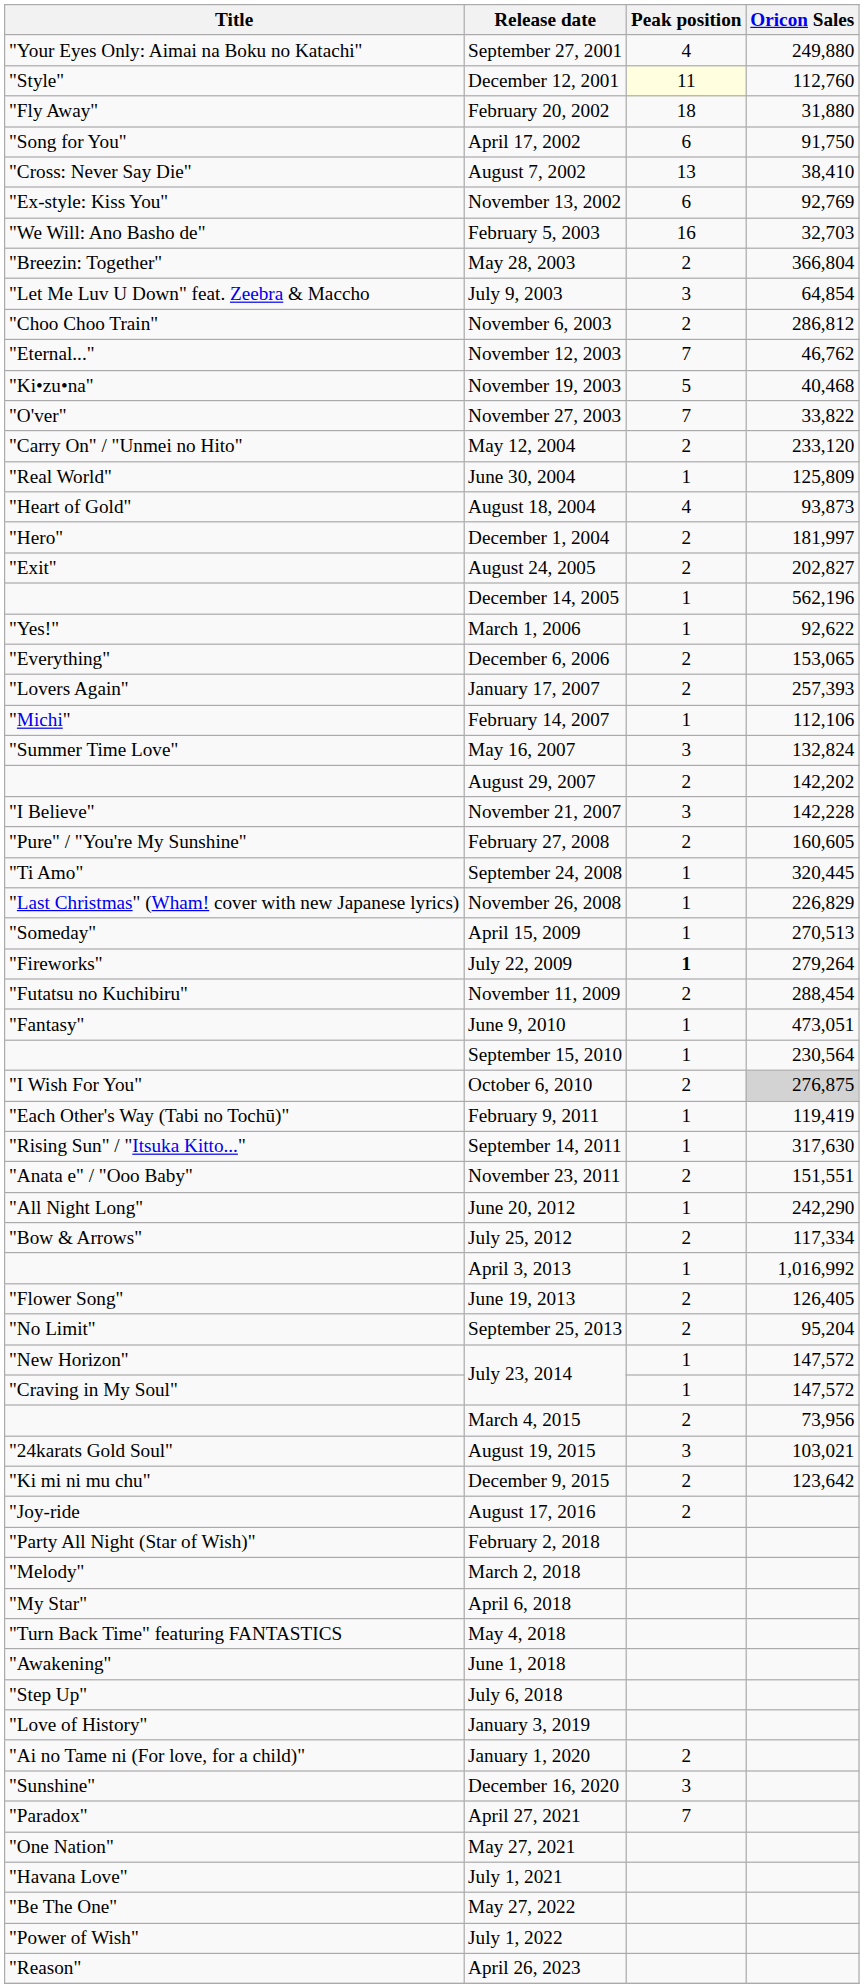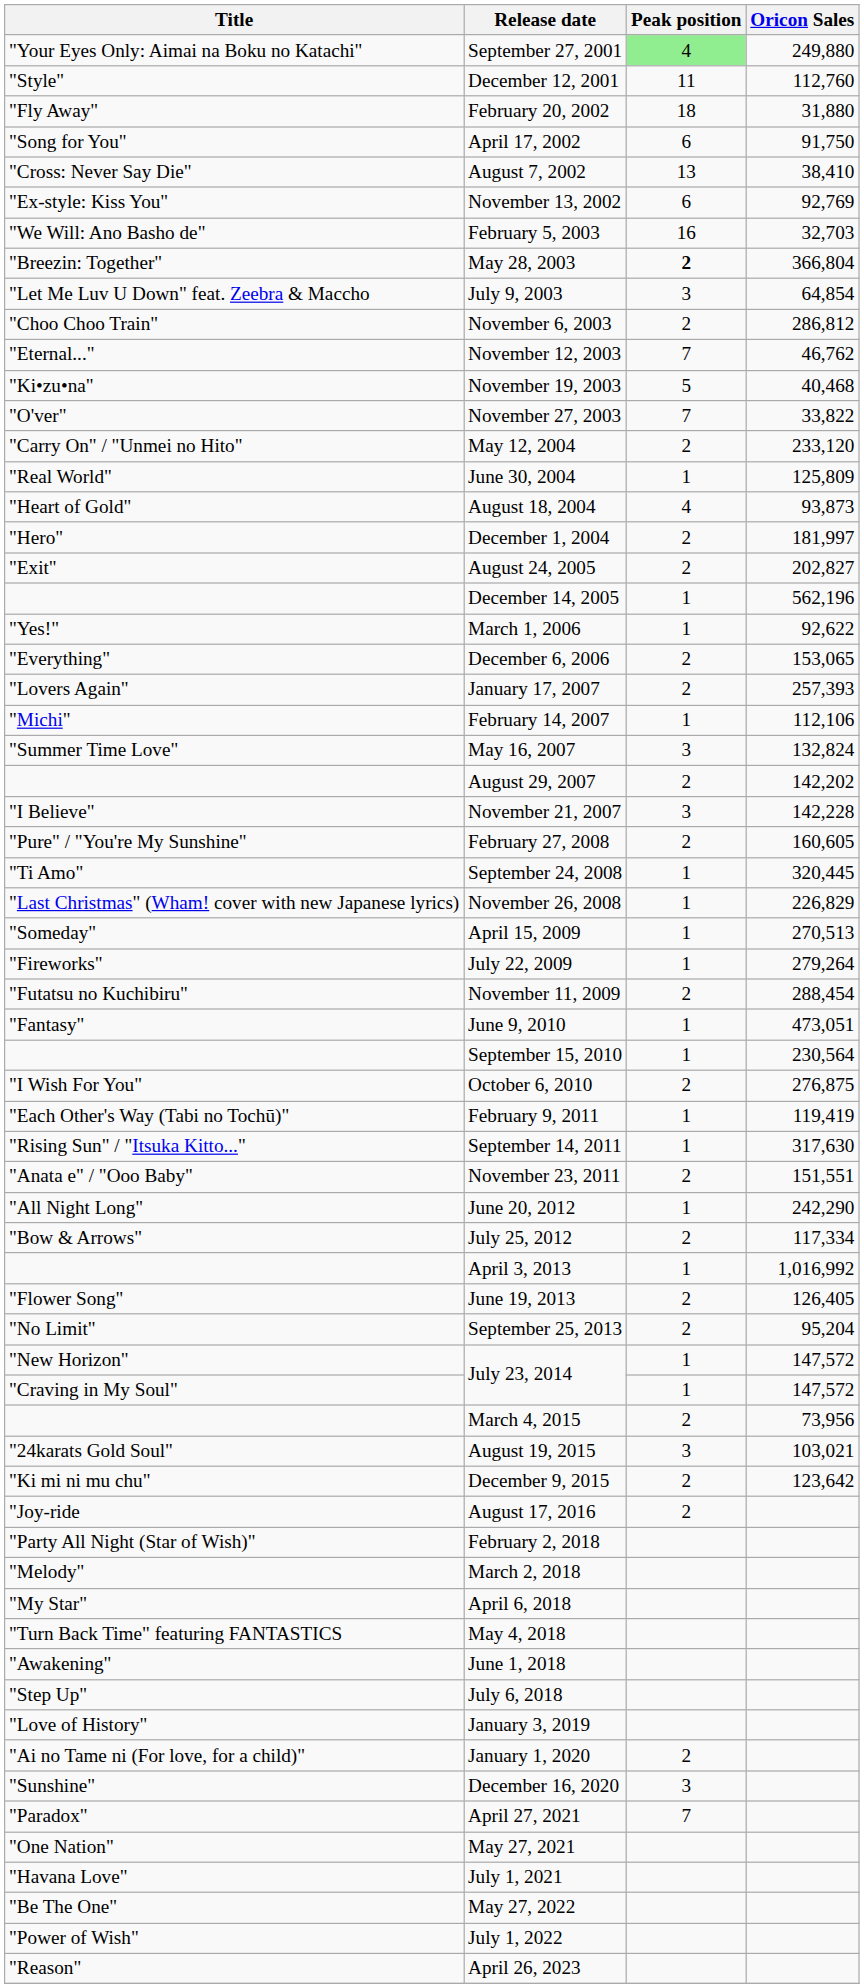 <table class="wikitable">
 <tr>
 <th>Title</th>
 <th>Release date</th>
 <th>Peak position</th>
 <th><a href='#'>Oricon</a> Sales</th>
 </tr>
 <tr>
 <td>"Your Eyes Only: Aimai na Boku no Katachi"</td>
 <td>September 27, 2001</td>
-<td align="center">4</td>
+<td align="center" style="background: lightgreen;">4</td>
 <td align="right">249,880</td>
 </tr>
 <tr>
 <td>"Style"</td>
 <td>December 12, 2001</td>
-<td align="center" style="background: lightyellow;">11</td>
+<td align="center">11</td>
 <td align="right">112,760</td>
 </tr>
 <tr>
 <td>"Fly Away"</td>
 <td>February 20, 2002</td>
 <td align="center">18</td>
 <td align="right">31,880</td>
 </tr>
 <tr>
 <td>"Song for You"</td>
 <td>April 17, 2002</td>
 <td align="center">6</td>
 <td align="right">91,750</td>
 </tr>
 <tr>
 <td>"Cross: Never Say Die"</td>
 <td>August 7, 2002</td>
 <td align="center">13</td>
 <td align="right">38,410</td>
 </tr>
 <tr>
 <td>"Ex-style: Kiss You"</td>
 <td>November 13, 2002</td>
 <td align="center">6</td>
 <td align="right">92,769</td>
 </tr>
 <tr>
 <td>"We Will: Ano Basho de"</td>
 <td>February 5, 2003</td>
 <td align="center">16</td>
 <td align="right">32,703</td>
 </tr>
 <tr>
 <td>"Breezin: Together"</td>
 <td>May 28, 2003</td>
-<td align="center">2</td>
+<td align="center"><strong>2</strong></td>
 <td align="right">366,804</td>
 </tr>
 <tr>
 <td>"Let Me Luv U Down" feat. <a href='#'>Zeebra</a> & Maccho</td>
 <td>July 9, 2003</td>
 <td align="center">3</td>
 <td align="right">64,854</td>
 </tr>
 <tr>
 <td>"Choo Choo Train"</td>
 <td>November 6, 2003</td>
 <td align="center">2</td>
 <td align="right">286,812</td>
 </tr>
 <tr>
 <td>"Eternal..."</td>
 <td>November 12, 2003</td>
 <td align="center">7</td>
 <td align="right">46,762</td>
 </tr>
 <tr>
 <td>"Ki•zu•na"</td>
 <td>November 19, 2003</td>
 <td align="center">5</td>
 <td align="right">40,468</td>
 </tr>
 <tr>
 <td>"O'ver"</td>
 <td>November 27, 2003</td>
 <td align="center">7</td>
 <td align="right">33,822</td>
 </tr>
 <tr>
 <td>"Carry On" / "Unmei no Hito"</td>
 <td>May 12, 2004</td>
 <td align="center">2</td>
 <td align="right">233,120</td>
 </tr>
 <tr>
 <td>"Real World"</td>
 <td>June 30, 2004</td>
 <td align="center">1</td>
 <td align="right">125,809</td>
 </tr>
 <tr>
 <td>"Heart of Gold"</td>
 <td>August 18, 2004</td>
 <td align="center">4</td>
 <td align="right">93,873</td>
 </tr>
 <tr>
 <td>"Hero"</td>
 <td>December 1, 2004</td>
 <td align="center">2</td>
 <td align="right">181,997</td>
 </tr>
 <tr>
 <td>"Exit"</td>
 <td>August 24, 2005</td>
 <td align="center">2</td>
 <td align="right">202,827</td>
 </tr>
 <tr>
 <td></td>
 <td>December 14, 2005</td>
 <td align="center">1</td>
 <td align="right">562,196</td>
 </tr>
 <tr>
 <td>"Yes!"</td>
 <td>March 1, 2006</td>
 <td align="center">1</td>
 <td align="right">92,622</td>
 </tr>
 <tr>
 <td>"Everything"</td>
 <td>December 6, 2006</td>
 <td align="center">2</td>
 <td align="right">153,065</td>
 </tr>
 <tr>
 <td>"Lovers Again"</td>
 <td>January 17, 2007</td>
 <td align="center">2</td>
 <td align="right">257,393</td>
 </tr>
 <tr>
 <td>"<a href='#'>Michi</a>"</td>
 <td>February 14, 2007</td>
 <td align="center">1</td>
 <td align="right">112,106</td>
 </tr>
 <tr>
 <td>"Summer Time Love"</td>
 <td>May 16, 2007</td>
 <td align="center">3</td>
 <td align="right">132,824</td>
 </tr>
 <tr>
 <td></td>
 <td>August 29, 2007</td>
 <td align="center">2</td>
 <td align="right">142,202</td>
 </tr>
 <tr>
 <td>"I Believe"</td>
 <td>November 21, 2007</td>
 <td align="center">3</td>
 <td align="right">142,228</td>
 </tr>
 <tr>
 <td>"Pure" / "You're My Sunshine"</td>
 <td>February 27, 2008</td>
 <td align="center">2</td>
 <td align="right">160,605</td>
 </tr>
 <tr>
 <td>"Ti Amo"</td>
 <td>September 24, 2008</td>
 <td align="center">1</td>
 <td align="right">320,445</td>
 </tr>
 <tr>
 <td>"<a href='#'>Last Christmas</a>" (<a href='#'>Wham!</a> cover with new Japanese lyrics)</td>
 <td>November 26, 2008</td>
 <td align="center">1</td>
 <td align="right">226,829</td>
 </tr>
 <tr>
 <td>"Someday"</td>
 <td>April 15, 2009</td>
 <td align="center">1</td>
 <td align="right">270,513</td>
 </tr>
 <tr>
 <td>"Fireworks"</td>
 <td>July 22, 2009</td>
-<td align="center"><strong>1</strong></td>
+<td align="center">1</td>
 <td align="right">279,264</td>
 </tr>
 <tr>
 <td>"Futatsu no Kuchibiru"</td>
 <td>November 11, 2009</td>
 <td align="center">2</td>
 <td align="right">288,454</td>
 </tr>
 <tr>
 <td>"Fantasy"</td>
 <td>June 9, 2010</td>
 <td align="center">1</td>
 <td align="right">473,051</td>
 </tr>
 <tr>
 <td></td>
 <td>September 15, 2010</td>
 <td align="center">1</td>
 <td align="right">230,564</td>
 </tr>
 <tr>
 <td>"I Wish For You"</td>
 <td>October 6, 2010</td>
 <td align="center">2</td>
-<td align="right" style="background: lightgrey;">276,875</td>
+<td align="right">276,875</td>
 </tr>
 <tr>
 <td>"Each Other's Way (Tabi no Tochū)"</td>
 <td>February 9, 2011</td>
 <td align="center">1</td>
 <td align="right">119,419</td>
 </tr>
 <tr>
 <td>"Rising Sun" / "<a href='#'>Itsuka Kitto...</a>"</td>
 <td>September 14, 2011</td>
 <td align="center">1</td>
 <td align="right">317,630</td>
 </tr>
 <tr>
 <td>"Anata e" / "Ooo Baby"</td>
 <td>November 23, 2011</td>
 <td align="center">2</td>
 <td align="right">151,551</td>
 </tr>
 <tr>
 <td>"All Night Long"</td>
 <td>June 20, 2012</td>
 <td align="center">1</td>
 <td align="right">242,290</td>
 </tr>
 <tr>
 <td>"Bow & Arrows"</td>
 <td>July 25, 2012</td>
 <td align="center">2</td>
 <td align="right">117,334</td>
 </tr>
 <tr>
 <td></td>
 <td>April 3, 2013</td>
 <td align="center">1</td>
 <td align="right">1,016,992</td>
 </tr>
 <tr>
 <td>"Flower Song"</td>
 <td>June 19, 2013</td>
 <td align="center">2</td>
 <td align="right">126,405</td>
 </tr>
 <tr>
 <td>"No Limit"</td>
 <td>September 25, 2013</td>
 <td align="center">2</td>
 <td align="right">95,204</td>
 </tr>
 <tr>
 <td>"New Horizon"</td>
 <td rowspan="2">July 23, 2014</td>
 <td align="center">1</td>
 <td align="right">147,572</td>
 </tr>
 <tr>
 <td>"Craving in My Soul"</td>
 <td align="center">1</td>
 <td align="right">147,572</td>
 </tr>
 <tr>
 <td></td>
 <td>March 4, 2015</td>
 <td align="center">2</td>
 <td align="right">73,956</td>
 </tr>
 <tr>
 <td>"24karats Gold Soul"</td>
 <td>August 19, 2015</td>
 <td align="center">3</td>
 <td align="right">103,021</td>
 </tr>
 <tr>
 <td>"Ki mi ni mu chu"</td>
 <td>December 9, 2015</td>
 <td align="center">2</td>
 <td align="right">123,642</td>
 </tr>
 <tr>
 <td>"Joy-ride </td>
 <td>August 17, 2016</td>
 <td align="center">2</td>
 <td align="right"></td>
 </tr>
 <tr>
 <td>"Party All Night (Star of Wish)"</td>
 <td>February 2, 2018</td>
 <td></td>
 <td></td>
 </tr>
 <tr>
 <td>"Melody"</td>
 <td>March 2, 2018</td>
 <td></td>
 <td></td>
 </tr>
 <tr>
 <td>"My Star"</td>
 <td>April 6, 2018</td>
 <td></td>
 <td></td>
 </tr>
 <tr>
 <td>"Turn Back Time" featuring FANTASTICS</td>
 <td>May 4, 2018</td>
 <td></td>
 <td></td>
 </tr>
 <tr>
 <td>"Awakening"</td>
 <td>June 1, 2018</td>
 <td></td>
 <td></td>
 </tr>
 <tr>
 <td>"Step Up"</td>
 <td>July 6, 2018</td>
 <td></td>
 <td></td>
 </tr>
 <tr>
 <td>"Love of History"</td>
 <td>January 3, 2019</td>
 <td></td>
 <td></td>
 </tr>
 <tr>
 <td>"Ai no Tame ni (For love, for a child)"</td>
 <td>January 1, 2020</td>
 <td align="center">2</td>
 <td></td>
 </tr>
 <tr>
 <td>"Sunshine"</td>
 <td>December 16, 2020</td>
 <td align="center">3</td>
 <td></td>
 </tr>
 <tr>
 <td>"Paradox"</td>
 <td>April 27, 2021</td>
 <td align="center">7</td>
 <td></td>
 </tr>
 <tr>
 <td>"One Nation"</td>
 <td>May 27, 2021</td>
 <td></td>
 <td></td>
 </tr>
 <tr>
 <td>"Havana Love"</td>
 <td>July 1, 2021</td>
 <td></td>
 <td></td>
 </tr>
 <tr>
 <td>"Be The One"</td>
 <td>May 27, 2022</td>
 <td></td>
 <td></td>
 </tr>
 <tr>
 <td>"Power of Wish"</td>
 <td>July 1, 2022</td>
 <td></td>
 <td></td>
 </tr>
 <tr>
 <td>"Reason"</td>
 <td>April 26, 2023</td>
 <td></td>
 <td></td>
 </tr>
 <tr>
 </tr>
 </table>
